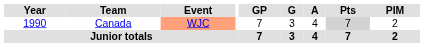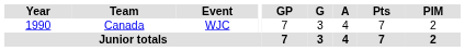 <table border="0" cellpadding="1" cellspacing="0" ID="Table3" style="text-align:center; width:40em">
 <tr bgcolor="#e0e0e0">
 <th>Year</th>
 <th>Team</th>
 <th>Event</th>
 <th rowspan="102" bgcolor="#ffffff"></th>
 <th>GP</th>
 <th>G</th>
 <th>A</th>
 <th>Pts</th>
 <th>PIM</th>
 </tr>
 <tr>
 <td><a href='#'>1990</a></td>
 <td><a href='#'>Canada</a></td>
-<td style="background: lightsalmon;"><a href='#'>WJC</a></td>
+<td><a href='#'>WJC</a></td>
 <td>7</td>
 <td>3</td>
 <td>4</td>
-<td style="background: lightgrey;">7</td>
+<td>7</td>
 <td>2</td>
 </tr>
 <tr bgcolor="#e0e0e0">
 <th colspan="4">Junior totals</th>
 <th>7</th>
 <th>3</th>
 <th>4</th>
 <th>7</th>
 <th>2</th>
 </tr>
 </table>
